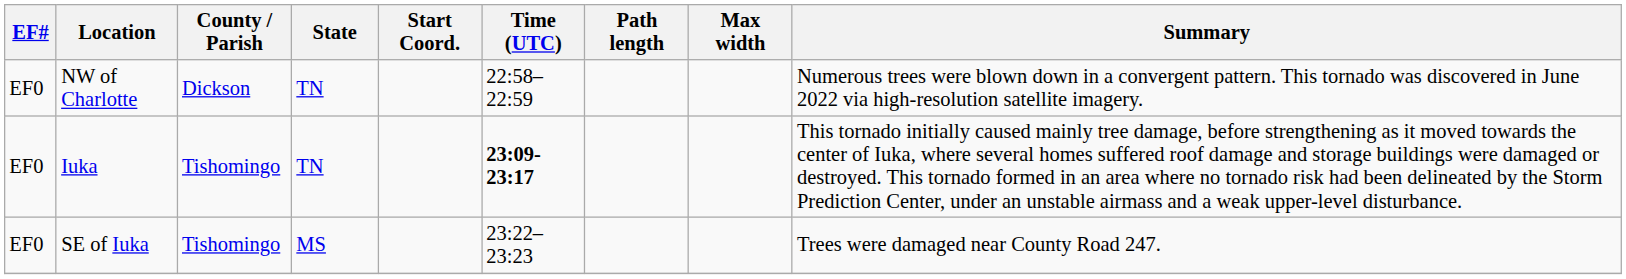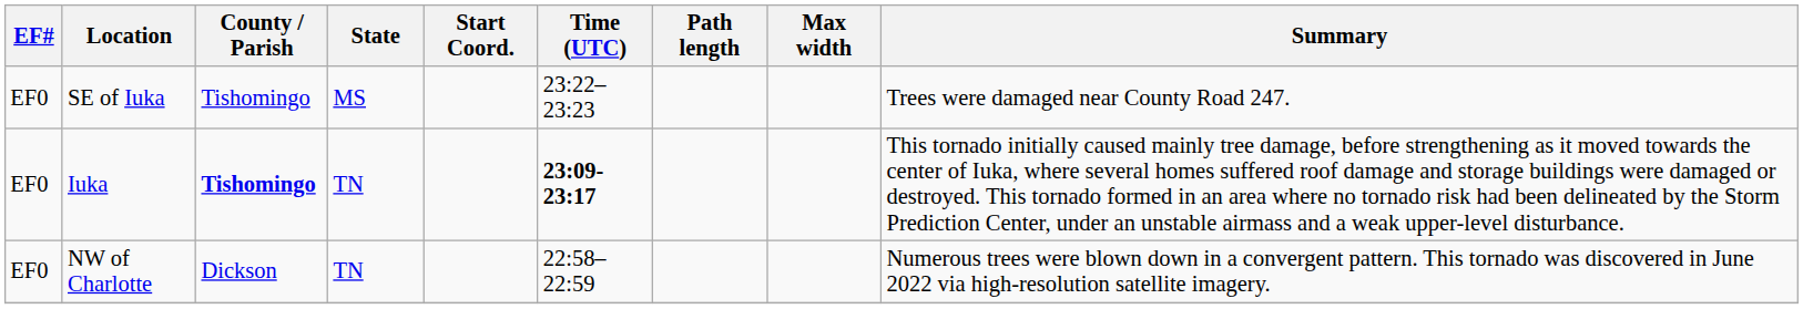 <table class="wikitable sortable" style="width:100%;">
 <tr>
 <th scope="col"  style="width:3%; text-align:center;"><a href='#'>EF#</a></th>
 <th scope="col"  style="width:7%; text-align:center;" class="unsortable">Location</th>
 <th scope="col"  style="width:6%; text-align:center;" class="unsortable">County / Parish</th>
 <th scope="col"  style="width:5%; text-align:center;">State</th>
 <th scope="col"  style="width:6%; text-align:center;">Start Coord.</th>
 <th scope="col"  style="width:6%; text-align:center;">Time (<a href='#'>UTC</a>)</th>
 <th scope="col"  style="width:6%; text-align:center;">Path length</th>
 <th scope="col"  style="width:6%; text-align:center;">Max width</th>
 <th scope="col" class="unsortable" style="width:48%; text-align:center;">Summary</th>
 </tr>
 <tr>
 <td>EF0</td>
+<td>SE of <a href='#'>Iuka</a></td>
+<td><a href='#'>Tishomingo</a></td>
+<td><a href='#'>MS</a></td>
+<td></td>
+<td>23:22–23:23</td>
+<td></td>
+<td></td>
+<td>Trees were damaged near County Road 247.</td>
+</tr>
+<tr>
+<td>EF0</td>
+<td><a href='#'>Iuka</a></td>
+<td><strong><a href='#'>Tishomingo</a></strong></td>
+<td><a href='#'>TN</a></td>
+<td></td>
+<td><strong>23:09-23:17</strong></td>
+<td></td>
+<td></td>
+<td>This tornado initially caused mainly tree damage, before strengthening as it moved towards the center of Iuka, where several homes suffered roof damage and storage buildings were damaged or destroyed. This tornado formed in an area where no tornado risk had been delineated by the Storm Prediction Center, under an unstable airmass and a weak upper-level disturbance.</td>
+</tr>
+<tr>
+<td>EF0</td>
 <td>NW of <a href='#'>Charlotte</a></td>
 <td><a href='#'>Dickson</a></td>
 <td><a href='#'>TN</a></td>
 <td></td>
 <td>22:58–22:59</td>
 <td></td>
 <td></td>
 <td>Numerous trees were blown down in a convergent pattern. This tornado was discovered in June 2022 via high-resolution satellite imagery.</td>
 </tr>
 <tr>
-<td>EF0</td>
-<td><a href='#'>Iuka</a></td>
-<td><a href='#'>Tishomingo</a></td>
-<td><a href='#'>TN</a></td>
-<td></td>
-<td><strong>23:09-23:17</strong></td>
-<td></td>
-<td></td>
-<td>This tornado initially caused mainly tree damage, before strengthening as it moved towards the center of Iuka, where several homes suffered roof damage and storage buildings were damaged or destroyed. This tornado formed in an area where no tornado risk had been delineated by the Storm Prediction Center, under an unstable airmass and a weak upper-level disturbance.</td>
-</tr>
-<tr>
-<td>EF0</td>
-<td>SE of <a href='#'>Iuka</a></td>
-<td><a href='#'>Tishomingo</a></td>
-<td><a href='#'>MS</a></td>
-<td></td>
-<td>23:22–23:23</td>
-<td></td>
-<td></td>
-<td>Trees were damaged near County Road 247.</td>
-</tr>
-<tr>
 </tr>
 </table>
